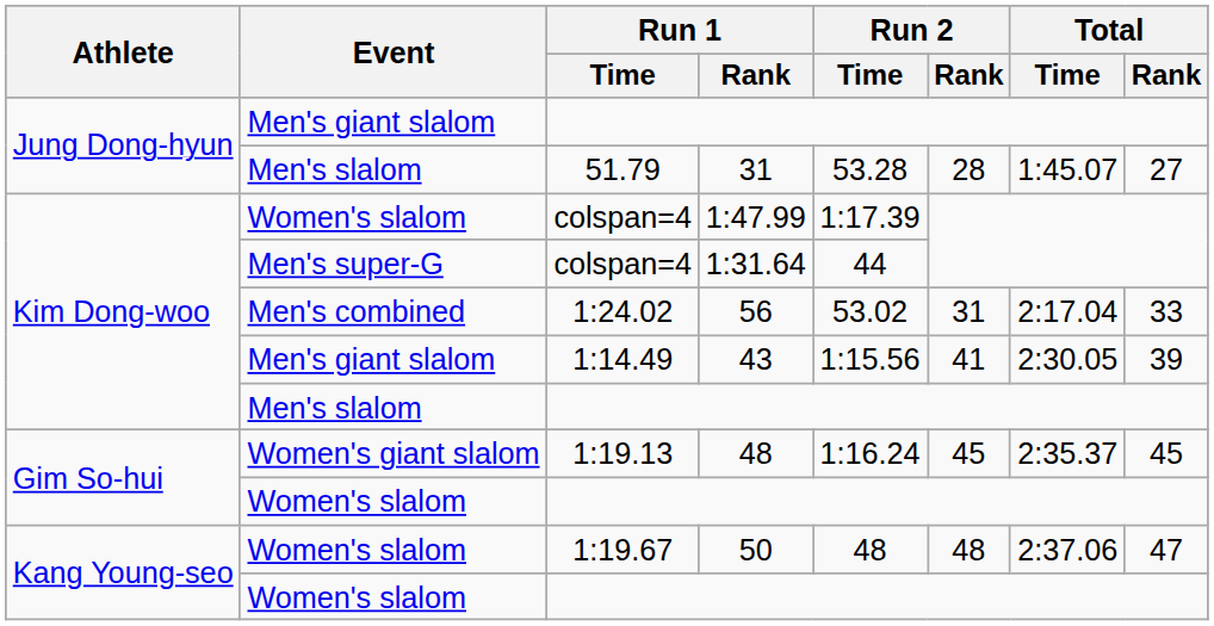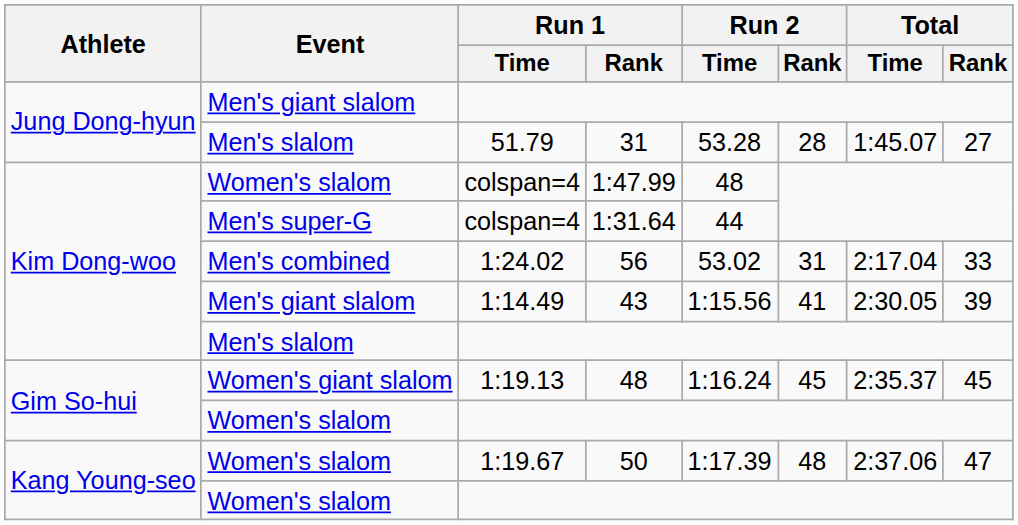 <table class="wikitable" style="font-size:90%">
 <tr>
 <th rowspan=2>Athlete</th>
 <th rowspan=2>Event</th>
 <th colspan=2>Run 1</th>
 <th colspan=2>Run 2</th>
 <th colspan=2>Total</th>
 </tr>
 <tr style="font-size:95%">
 <th>Time</th>
 <th>Rank</th>
 <th>Time</th>
 <th>Rank</th>
 <th>Time</th>
 <th>Rank</th>
 </tr>
 <tr align=center>
 <td align=left rowspan=2><a href='#'>Jung Dong-hyun</a></td>
 <td align=left><a href='#'>Men's giant slalom</a></td>
 <td colspan=6></td>
 </tr>
 <tr align=center>
 <td align=left><a href='#'>Men's slalom</a></td>
 <td>51.79</td>
 <td>31</td>
 <td>53.28</td>
 <td>28</td>
 <td>1:45.07</td>
 <td>27</td>
 </tr>
 <tr align=center>
 <td align=left rowspan=5><a href='#'>Kim Dong-woo</a></td>
 <td align=left><a href='#'>Women's slalom</a></td>
 <td>colspan=4 </td>
 <td>1:47.99</td>
-<td>1:17.39</td>
+<td>48</td>
 </tr>
 <tr align=center>
 <td align=left><a href='#'>Men's super-G</a></td>
 <td>colspan=4 </td>
 <td>1:31.64</td>
 <td>44</td>
 </tr>
 <tr align=center>
 <td align=left><a href='#'>Men's combined</a></td>
 <td>1:24.02</td>
 <td>56</td>
 <td>53.02</td>
 <td>31</td>
 <td>2:17.04</td>
 <td>33</td>
 </tr>
 <tr align=center>
 <td align=left><a href='#'>Men's giant slalom</a></td>
 <td>1:14.49</td>
 <td>43</td>
 <td>1:15.56</td>
 <td>41</td>
 <td>2:30.05</td>
 <td>39</td>
 </tr>
 <tr align=center>
 <td align=left><a href='#'>Men's slalom</a></td>
 <td colspan=6></td>
 </tr>
 <tr align=center>
 <td align=left rowspan=2><a href='#'>Gim So-hui</a></td>
 <td align=left><a href='#'>Women's giant slalom</a></td>
 <td>1:19.13</td>
 <td>48</td>
 <td>1:16.24</td>
 <td>45</td>
 <td>2:35.37</td>
 <td>45</td>
 </tr>
 <tr align=center>
 <td align=left><a href='#'>Women's slalom</a></td>
 <td colspan=6></td>
 </tr>
 <tr align=center>
 <td align=left rowspan=2><a href='#'>Kang Young-seo</a></td>
 <td align=left><a href='#'>Women's slalom</a></td>
 <td>1:19.67</td>
 <td>50</td>
-<td>48</td>
+<td>1:17.39</td>
 <td>48</td>
 <td>2:37.06</td>
 <td>47</td>
 </tr>
 <tr align=center>
 <td align=left><a href='#'>Women's slalom</a></td>
 <td colspan=6></td>
 </tr>
 </table>
